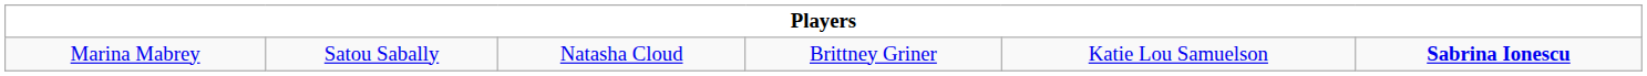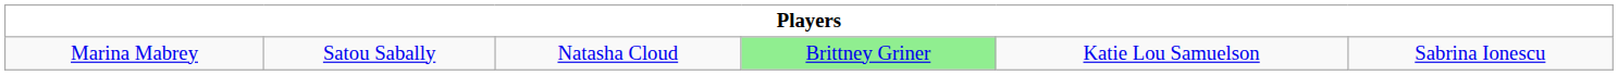 <table class="wikitable" style="width:100%; text-align:center; font-size:100%">
 <tr>
 <th style=background:white colspan="6" align="center">Players</th>
 </tr>
 <tr>
 <td><a href='#'>Marina Mabrey</a></td>
 <td><a href='#'>Satou Sabally</a></td>
 <td><a href='#'>Natasha Cloud</a></td>
-<td><a href='#'>Brittney Griner</a></td>
+<td style="background: lightgreen;"><a href='#'>Brittney Griner</a></td>
 <td><a href='#'>Katie Lou Samuelson</a></td>
-<td><strong><a href='#'>Sabrina Ionescu</a></strong></td>
+<td><a href='#'>Sabrina Ionescu</a></td>
 </tr>
 </table>
